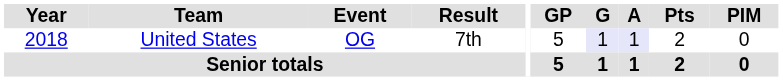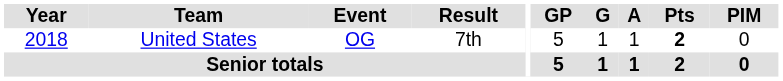 <table border="0" cellpadding="1" cellspacing="0" ID="Table3" style="text-align:center; width:40em">
 <tr ALIGN="center" bgcolor="#e0e0e0">
 <th>Year</th>
 <th>Team</th>
 <th>Event</th>
 <th>Result</th>
 <th rowspan="99" bgcolor="#ffffff"></th>
 <th>GP</th>
 <th>G</th>
 <th>A</th>
 <th>Pts</th>
 <th>PIM</th>
 </tr>
 <tr>
 <td><a href='#'>2018</a></td>
 <td><a href='#'>United States</a></td>
 <td><a href='#'>OG</a></td>
 <td>7th</td>
 <td>5</td>
-<td style="background: lavender;">1</td>
-<td style="background: lavender;">1</td>
-<td>2</td>
+<td>1</td>
+<td>1</td>
+<td><strong>2</strong></td>
 <td>0</td>
 </tr>
 <tr bgcolor="#e0e0e0">
 <th colspan="4">Senior totals</th>
 <th>5</th>
 <th>1</th>
 <th>1</th>
 <th>2</th>
 <th>0</th>
 </tr>
 </table>
